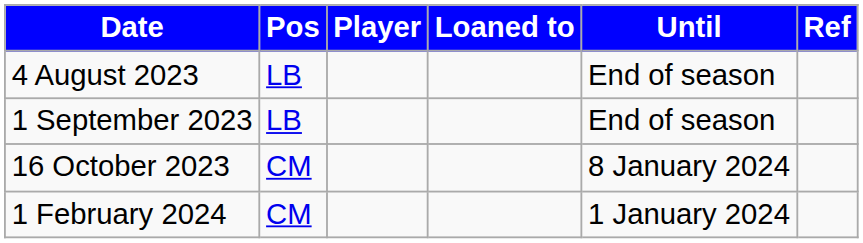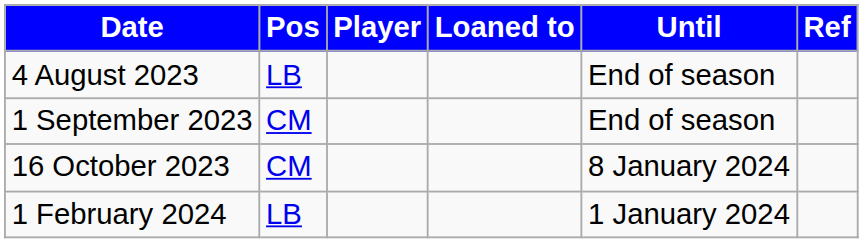 <table class="wikitable plainrowheaders sortable">
 <tr>
 <th style="background:#0000FF;color:white;">Date</th>
 <th style="background:#0000FF;color:white;">Pos</th>
 <th style="background:#0000FF;color:white;">Player</th>
 <th style="background:#0000FF;color:white;">Loaned to</th>
 <th style="background:#0000FF;color:white;">Until</th>
 <th style="background:#0000FF;color:white;">Ref</th>
 </tr>
 <tr>
 <td>4 August 2023</td>
 <td><a href='#'>LB</a></td>
 <td></td>
 <td></td>
 <td>End of season</td>
 <td></td>
 </tr>
 <tr>
 <td>1 September 2023</td>
-<td><a href='#'>LB</a></td>
+<td><a href='#'>CM</a></td>
 <td></td>
 <td></td>
 <td>End of season</td>
 <td></td>
 </tr>
 <tr>
 <td>16 October 2023</td>
 <td><a href='#'>CM</a></td>
 <td></td>
 <td></td>
 <td>8 January 2024</td>
 <td></td>
 </tr>
 <tr>
 <td>1 February 2024</td>
-<td><a href='#'>CM</a></td>
+<td><a href='#'>LB</a></td>
 <td></td>
 <td></td>
 <td>1 January 2024</td>
 <td></td>
 </tr>
 </table>
